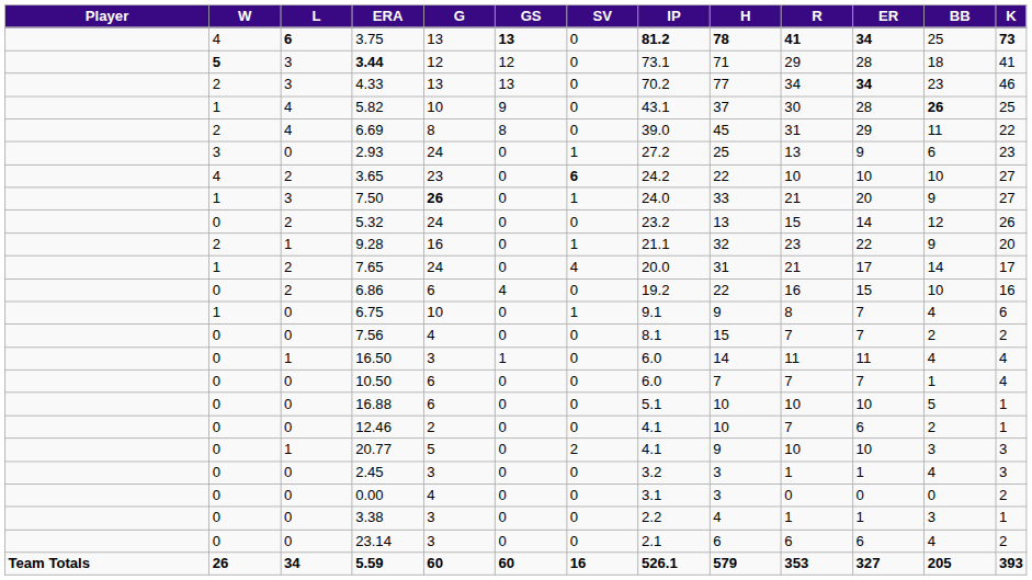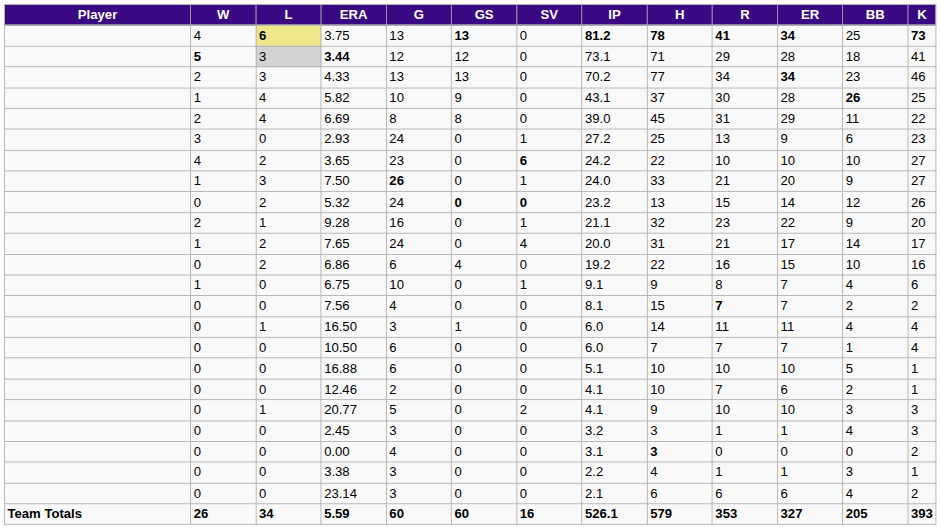 <table class="wikitable sortable">
 <tr>
 <th style="background:#380982; color:#FFF; width:20%;">Player</th>
 <th style="background:#380982; color:#FFF; width:7%;">W</th>
 <th style="background:#380982; color:#FFF; width:7%;">L</th>
 <th style="background:#380982; color:#FFF; width:7%;">ERA</th>
 <th style="background:#380982; color:#FFF; width:7%;">G</th>
 <th style="background:#380982; color:#FFF; width:7%;">GS</th>
 <th style="background:#380982; color:#FFF; width:7%;">SV</th>
 <th style="background:#380982; color:#FFF; width:7%;">IP</th>
 <th style="background:#380982; color:#FFF; width:7%;">H</th>
 <th style="background:#380982; color:#FFF; width:7%;">R</th>
 <th style="background:#380982; color:#FFF; width:7%;">ER</th>
 <th style="background:#380982; color:#FFF; width:7%;">BB</th>
 <th style="background:#380982; color:#FFF; width:7%;">K</th>
 </tr>
 <tr>
 </tr>
 <tr>
 <td></td>
 <td>4</td>
-<td><strong>6</strong></td>
+<td style="background: khaki;"><strong>6</strong></td>
 <td>3.75</td>
 <td>13</td>
 <td><strong>13</strong></td>
 <td>0</td>
 <td><strong>81.2</strong></td>
 <td><strong>78</strong></td>
 <td><strong>41</strong></td>
 <td><strong>34</strong></td>
 <td>25</td>
 <td><strong>73</strong></td>
 </tr>
 <tr>
 <td></td>
 <td><strong>5</strong></td>
-<td>3</td>
+<td style="background: lightgrey;">3</td>
 <td><strong>3.44</strong></td>
 <td>12</td>
 <td>12</td>
 <td>0</td>
 <td>73.1</td>
 <td>71</td>
 <td>29</td>
 <td>28</td>
 <td>18</td>
 <td>41</td>
 </tr>
 <tr>
 <td></td>
 <td>2</td>
 <td>3</td>
 <td>4.33</td>
 <td>13</td>
 <td>13</td>
 <td>0</td>
 <td>70.2</td>
 <td>77</td>
 <td>34</td>
 <td><strong>34</strong></td>
 <td>23</td>
 <td>46</td>
 </tr>
 <tr>
 <td></td>
 <td>1</td>
 <td>4</td>
 <td>5.82</td>
 <td>10</td>
 <td>9</td>
 <td>0</td>
 <td>43.1</td>
 <td>37</td>
 <td>30</td>
 <td>28</td>
 <td><strong>26</strong></td>
 <td>25</td>
 </tr>
 <tr>
 <td></td>
 <td>2</td>
 <td>4</td>
 <td>6.69</td>
 <td>8</td>
 <td>8</td>
 <td>0</td>
 <td>39.0</td>
 <td>45</td>
 <td>31</td>
 <td>29</td>
 <td>11</td>
 <td>22</td>
 </tr>
 <tr>
 <td></td>
 <td>3</td>
 <td>0</td>
 <td>2.93</td>
 <td>24</td>
 <td>0</td>
 <td>1</td>
 <td>27.2</td>
 <td>25</td>
 <td>13</td>
 <td>9</td>
 <td>6</td>
 <td>23</td>
 </tr>
 <tr>
 <td></td>
 <td>4</td>
 <td>2</td>
 <td>3.65</td>
 <td>23</td>
 <td>0</td>
 <td><strong>6</strong></td>
 <td>24.2</td>
 <td>22</td>
 <td>10</td>
 <td>10</td>
 <td>10</td>
 <td>27</td>
 </tr>
 <tr>
 <td></td>
 <td>1</td>
 <td>3</td>
 <td>7.50</td>
 <td><strong>26</strong></td>
 <td>0</td>
 <td>1</td>
 <td>24.0</td>
 <td>33</td>
 <td>21</td>
 <td>20</td>
 <td>9</td>
 <td>27</td>
 </tr>
 <tr>
 <td></td>
 <td>0</td>
 <td>2</td>
 <td>5.32</td>
 <td>24</td>
-<td>0</td>
-<td>0</td>
+<td><strong>0</strong></td>
+<td><strong>0</strong></td>
 <td>23.2</td>
 <td>13</td>
 <td>15</td>
 <td>14</td>
 <td>12</td>
 <td>26</td>
 </tr>
 <tr>
 <td></td>
 <td>2</td>
 <td>1</td>
 <td>9.28</td>
 <td>16</td>
 <td>0</td>
 <td>1</td>
 <td>21.1</td>
 <td>32</td>
 <td>23</td>
 <td>22</td>
 <td>9</td>
 <td>20</td>
 </tr>
 <tr>
 <td></td>
 <td>1</td>
 <td>2</td>
 <td>7.65</td>
 <td>24</td>
 <td>0</td>
 <td>4</td>
 <td>20.0</td>
 <td>31</td>
 <td>21</td>
 <td>17</td>
 <td>14</td>
 <td>17</td>
 </tr>
 <tr>
 <td></td>
 <td>0</td>
 <td>2</td>
 <td>6.86</td>
 <td>6</td>
 <td>4</td>
 <td>0</td>
 <td>19.2</td>
 <td>22</td>
 <td>16</td>
 <td>15</td>
 <td>10</td>
 <td>16</td>
 </tr>
 <tr>
 <td></td>
 <td>1</td>
 <td>0</td>
 <td>6.75</td>
 <td>10</td>
 <td>0</td>
 <td>1</td>
 <td>9.1</td>
 <td>9</td>
 <td>8</td>
 <td>7</td>
 <td>4</td>
 <td>6</td>
 </tr>
 <tr>
 <td></td>
 <td>0</td>
 <td>0</td>
 <td>7.56</td>
 <td>4</td>
 <td>0</td>
 <td>0</td>
 <td>8.1</td>
 <td>15</td>
-<td>7</td>
+<td><strong>7</strong></td>
 <td>7</td>
 <td>2</td>
 <td>2</td>
 </tr>
 <tr>
 <td></td>
 <td>0</td>
 <td>1</td>
 <td>16.50</td>
 <td>3</td>
 <td>1</td>
 <td>0</td>
 <td>6.0</td>
 <td>14</td>
 <td>11</td>
 <td>11</td>
 <td>4</td>
 <td>4</td>
 </tr>
 <tr>
 <td></td>
 <td>0</td>
 <td>0</td>
 <td>10.50</td>
 <td>6</td>
 <td>0</td>
 <td>0</td>
 <td>6.0</td>
 <td>7</td>
 <td>7</td>
 <td>7</td>
 <td>1</td>
 <td>4</td>
 </tr>
 <tr>
 <td></td>
 <td>0</td>
 <td>0</td>
 <td>16.88</td>
 <td>6</td>
 <td>0</td>
 <td>0</td>
 <td>5.1</td>
 <td>10</td>
 <td>10</td>
 <td>10</td>
 <td>5</td>
 <td>1</td>
 </tr>
 <tr>
 <td></td>
 <td>0</td>
 <td>0</td>
 <td>12.46</td>
 <td>2</td>
 <td>0</td>
 <td>0</td>
 <td>4.1</td>
 <td>10</td>
 <td>7</td>
 <td>6</td>
 <td>2</td>
 <td>1</td>
 </tr>
 <tr>
 <td></td>
 <td>0</td>
 <td>1</td>
 <td>20.77</td>
 <td>5</td>
 <td>0</td>
 <td>2</td>
 <td>4.1</td>
 <td>9</td>
 <td>10</td>
 <td>10</td>
 <td>3</td>
 <td>3</td>
 </tr>
 <tr>
 <td></td>
 <td>0</td>
 <td>0</td>
 <td>2.45</td>
 <td>3</td>
 <td>0</td>
 <td>0</td>
 <td>3.2</td>
 <td>3</td>
 <td>1</td>
 <td>1</td>
 <td>4</td>
 <td>3</td>
 </tr>
 <tr>
 <td></td>
 <td>0</td>
 <td>0</td>
 <td>0.00</td>
 <td>4</td>
 <td>0</td>
 <td>0</td>
 <td>3.1</td>
-<td>3</td>
+<td><strong>3</strong></td>
 <td>0</td>
 <td>0</td>
 <td>0</td>
 <td>2</td>
 </tr>
 <tr>
 <td></td>
 <td>0</td>
 <td>0</td>
 <td>3.38</td>
 <td>3</td>
 <td>0</td>
 <td>0</td>
 <td>2.2</td>
 <td>4</td>
 <td>1</td>
 <td>1</td>
 <td>3</td>
 <td>1</td>
 </tr>
 <tr>
 <td></td>
 <td>0</td>
 <td>0</td>
 <td>23.14</td>
 <td>3</td>
 <td>0</td>
 <td>0</td>
 <td>2.1</td>
 <td>6</td>
 <td>6</td>
 <td>6</td>
 <td>4</td>
 <td>2</td>
 </tr>
 <tr>
 <td><strong>Team Totals</strong></td>
 <td><strong>26</strong></td>
 <td><strong>34</strong></td>
 <td><strong>5.59</strong></td>
 <td><strong>60</strong></td>
 <td><strong>60</strong></td>
 <td><strong>16</strong></td>
 <td><strong>526.1</strong></td>
 <td><strong>579</strong></td>
 <td><strong>353</strong></td>
 <td><strong>327</strong></td>
 <td><strong>205</strong></td>
 <td><strong>393</strong></td>
 </tr>
 </table>
